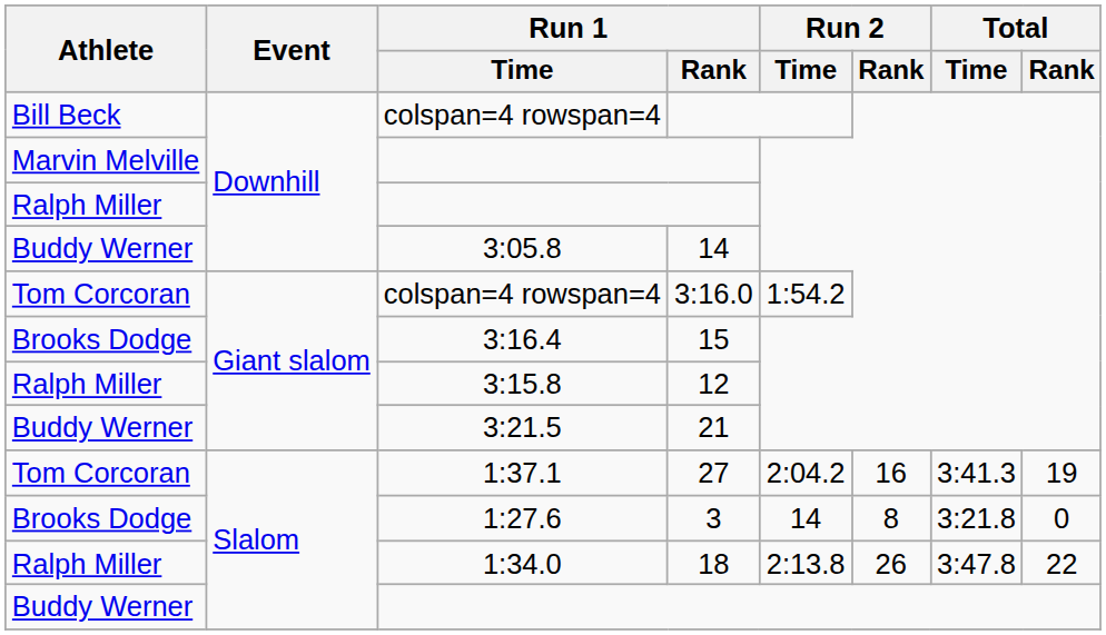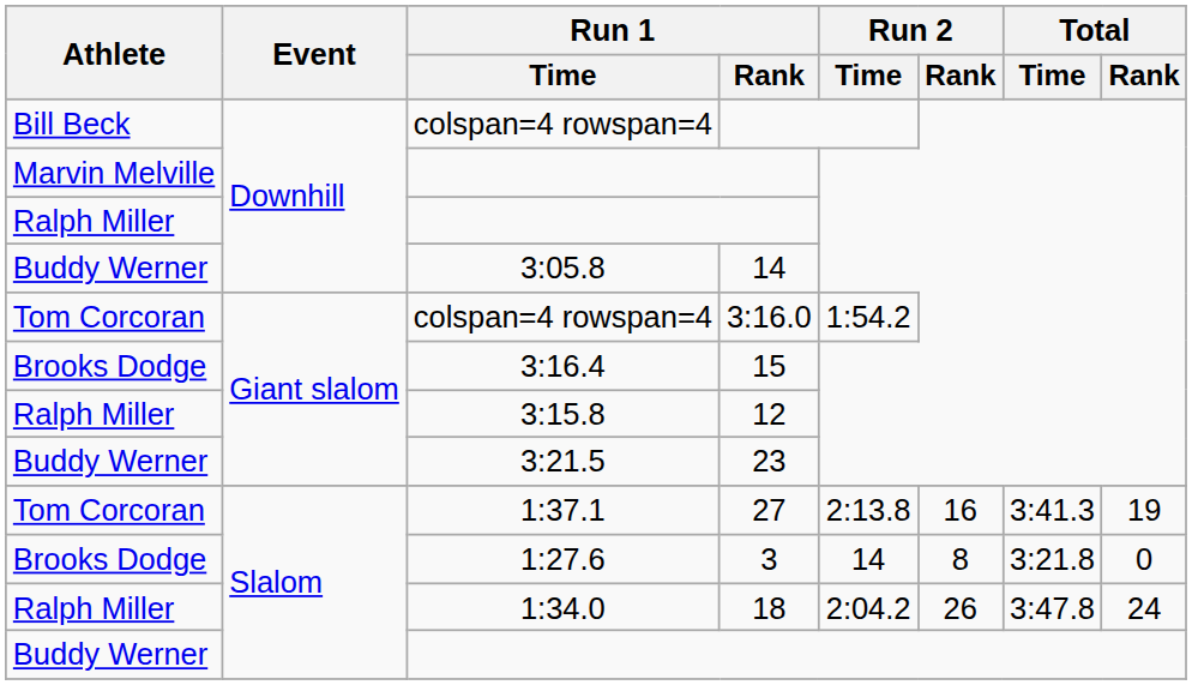 <table class=wikitable style=font-size:90%;text-align:center>
 <tr>
 <th rowspan=2>Athlete</th>
 <th rowspan=2>Event</th>
 <th colspan=2>Run 1</th>
 <th colspan=2>Run 2</th>
 <th colspan=2>Total</th>
 </tr>
 <tr style=font-size:95%>
 <th>Time</th>
 <th>Rank</th>
 <th>Time</th>
 <th>Rank</th>
 <th>Time</th>
 <th>Rank</th>
 </tr>
 <tr>
 <td align=left><a href='#'>Bill Beck</a></td>
 <td align=left rowspan=4><a href='#'>Downhill</a></td>
 <td>colspan=4 rowspan=4 </td>
 <td colspan=2></td>
 </tr>
 <tr>
 <td align=left><a href='#'>Marvin Melville</a></td>
 <td colspan=2></td>
 </tr>
 <tr>
 <td align=left><a href='#'>Ralph Miller</a></td>
 <td colspan=2></td>
 </tr>
 <tr>
 <td align=left><a href='#'>Buddy Werner</a></td>
 <td>3:05.8</td>
 <td>14</td>
 </tr>
 <tr>
 <td align=left><a href='#'>Tom Corcoran</a></td>
 <td align=left rowspan=4><a href='#'>Giant slalom</a></td>
 <td>colspan=4 rowspan=4 </td>
 <td>3:16.0</td>
 <td>1:54.2</td>
 </tr>
 <tr>
 <td align=left><a href='#'>Brooks Dodge</a></td>
 <td>3:16.4</td>
 <td>15</td>
 </tr>
 <tr>
 <td align=left><a href='#'>Ralph Miller</a></td>
 <td>3:15.8</td>
 <td>12</td>
 </tr>
 <tr>
 <td align=left><a href='#'>Buddy Werner</a></td>
 <td>3:21.5</td>
-<td>21</td>
+<td>23</td>
 </tr>
 <tr>
 <td align=left><a href='#'>Tom Corcoran</a></td>
 <td align=left rowspan=4><a href='#'>Slalom</a></td>
 <td>1:37.1</td>
 <td>27</td>
-<td>2:04.2</td>
+<td>2:13.8</td>
 <td>16</td>
 <td>3:41.3</td>
 <td>19</td>
 </tr>
 <tr>
 <td align=left><a href='#'>Brooks Dodge</a></td>
 <td>1:27.6</td>
 <td>3</td>
 <td>14</td>
 <td>8</td>
 <td>3:21.8</td>
 <td>0</td>
 </tr>
 <tr>
 <td align=left><a href='#'>Ralph Miller</a></td>
 <td>1:34.0</td>
 <td>18</td>
-<td>2:13.8</td>
+<td>2:04.2</td>
 <td>26</td>
 <td>3:47.8</td>
-<td>22</td>
+<td>24</td>
 </tr>
 <tr>
 <td align=left><a href='#'>Buddy Werner</a></td>
 <td colspan=6></td>
 </tr>
 </table>
